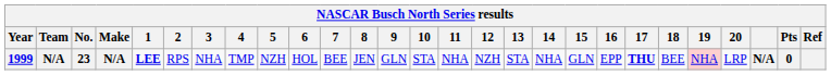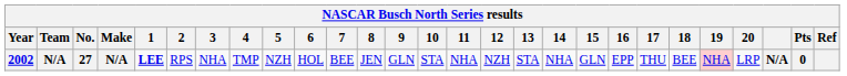 <table class="wikitable" style="text-align:center; font-size:75%">
 <tr>
 <th colspan=36><a href='#'>NASCAR Busch North Series</a> results</th>
 </tr>
 <tr>
 <th>Year</th>
 <th>Team</th>
 <th>No.</th>
 <th>Make</th>
 <th>1</th>
 <th>2</th>
 <th>3</th>
 <th>4</th>
 <th>5</th>
 <th>6</th>
 <th>7</th>
 <th>8</th>
 <th>9</th>
 <th>10</th>
 <th>11</th>
 <th>12</th>
 <th>13</th>
 <th>14</th>
 <th>15</th>
 <th>16</th>
 <th>17</th>
 <th>18</th>
 <th>19</th>
 <th>20</th>
 <th></th>
 <th>Pts</th>
 <th>Ref</th>
 </tr>
 <tr>
-<th><a href='#'>1999</a></th>
+<th><a href='#'>2002</a></th>
 <th>N/A</th>
-<th>23</th>
+<th>27</th>
 <th>N/A</th>
 <td><strong><a href='#'>LEE</a></strong></td>
 <td><a href='#'>RPS</a></td>
 <td><a href='#'>NHA</a></td>
 <td><a href='#'>TMP</a></td>
 <td><a href='#'>NZH</a></td>
 <td><a href='#'>HOL</a></td>
 <td><a href='#'>BEE</a></td>
 <td><a href='#'>JEN</a></td>
 <td><a href='#'>GLN</a></td>
 <td><a href='#'>STA</a></td>
 <td><a href='#'>NHA</a></td>
 <td><a href='#'>NZH</a></td>
 <td><a href='#'>STA</a></td>
 <td><a href='#'>NHA</a></td>
 <td><a href='#'>GLN</a></td>
 <td><a href='#'>EPP</a></td>
-<td><strong><a href='#'>THU</a></strong></td>
+<td><a href='#'>THU</a></td>
 <td><a href='#'>BEE</a></td>
 <td style="background:#FFCFCF;"><a href='#'>NHA</a><br></td>
 <td><a href='#'>LRP</a></td>
 <th>N/A</th>
 <th>0</th>
 <th></th>
 </tr>
 </table>
